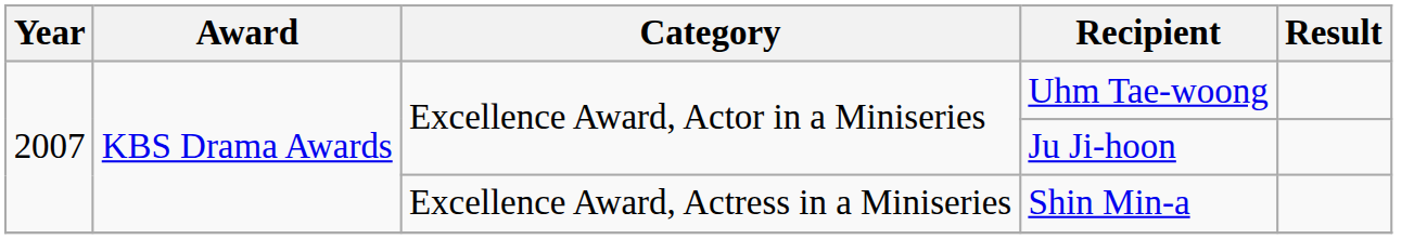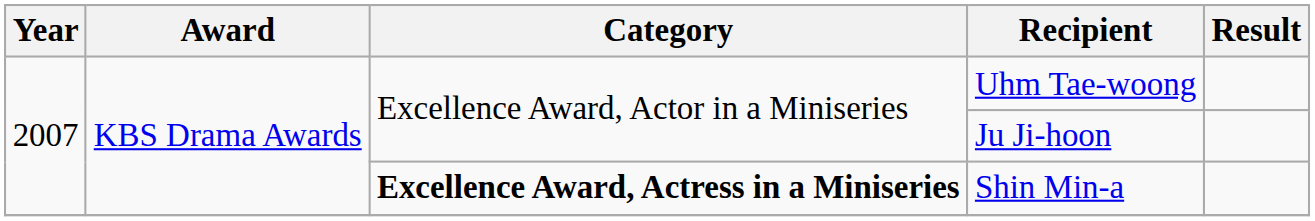 <table class="wikitable">
 <tr>
 <th>Year</th>
 <th>Award</th>
 <th>Category</th>
 <th>Recipient</th>
 <th>Result</th>
 </tr>
 <tr>
 <td rowspan=3>2007</td>
 <td rowspan=3><a href='#'>KBS Drama Awards</a></td>
 <td rowspan=2>Excellence Award, Actor in a Miniseries</td>
 <td><a href='#'>Uhm Tae-woong</a></td>
 <td></td>
 </tr>
 <tr>
 <td><a href='#'>Ju Ji-hoon</a></td>
 <td></td>
 </tr>
 <tr>
-<td>Excellence Award, Actress in a Miniseries</td>
+<td><strong>Excellence Award, Actress in a Miniseries</strong></td>
 <td><a href='#'>Shin Min-a</a></td>
 <td></td>
 </tr>
 <tr>
 </tr>
 </table>
